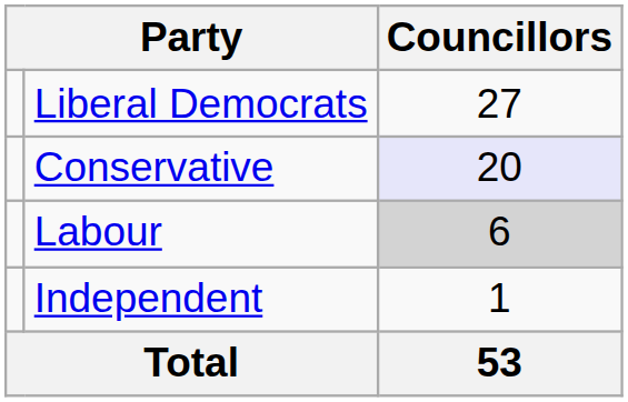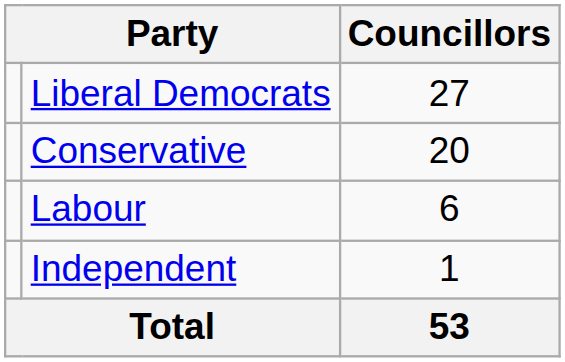 <table class="wikitable">
 <tr>
 <th colspan="2">Party</th>
 <th>Councillors</th>
 </tr>
 <tr>
 <td></td>
 <td><a href='#'>Liberal Democrats</a></td>
 <td align=center>27</td>
 </tr>
 <tr>
 <td></td>
 <td><a href='#'>Conservative</a></td>
-<td align=center style="background: lavender;">20</td>
+<td align=center>20</td>
 </tr>
 <tr>
 <td></td>
 <td><a href='#'>Labour</a></td>
-<td align=center style="background: lightgrey;">6</td>
+<td align=center>6</td>
 </tr>
 <tr>
 <td></td>
 <td><a href='#'>Independent</a></td>
 <td align=center>1</td>
 </tr>
 <tr>
 <th colspan=2>Total</th>
 <th>53</th>
 </tr>
 </table>
